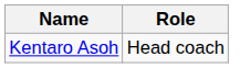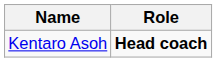 <table class="wikitable">
 <tr>
 <th>Name</th>
 <th>Role</th>
 </tr>
 <tr>
 <td> <a href='#'>Kentaro Asoh</a></td>
-<td>Head coach</td>
+<td><strong>Head coach</strong></td>
 </tr>
 </table>
